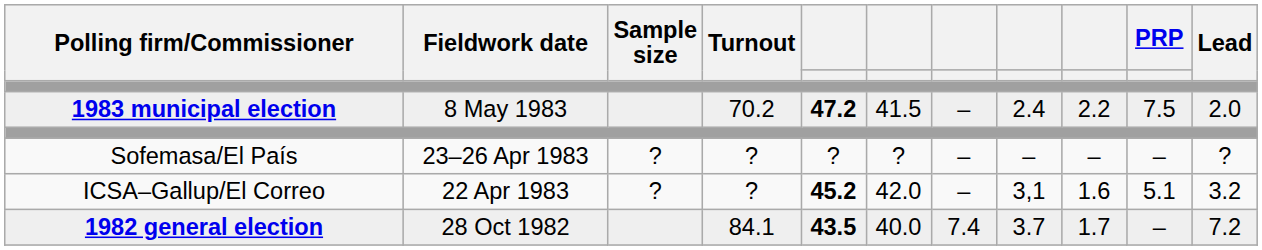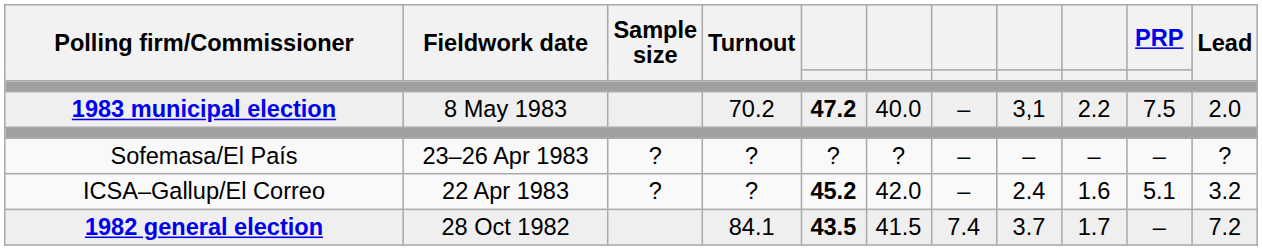 <table class="wikitable collapsible collapsed" style="text-align:center; font-size:95%; line-height:16px;">
 <tr style="height:42px;">
 <th style="width:250px;" rowspan="2">Polling firm/Commissioner</th>
 <th style="width:125px;" rowspan="2">Fieldwork date</th>
 <th style="width:50px;" rowspan="2">Sample size</th>
 <th style="width:45px;" rowspan="2">Turnout</th>
 <th style="width:35px;"></th>
 <th style="width:35px;"></th>
 <th style="width:35px;"></th>
 <th style="width:35px;"></th>
 <th style="width:35px;"></th>
 <th style="width:35px;"><a href='#'>PRP</a></th>
 <th style="width:30px;" rowspan="2">Lead</th>
 </tr>
 <tr>
 <th style="color:inherit;background:"></th>
 <th style="color:inherit;background:"></th>
 <th style="color:inherit;background:"></th>
 <th style="color:inherit;background:"></th>
 <th style="color:inherit;background:"></th>
 <th style="color:inherit;background:"></th>
 </tr>
 <tr>
 <td colspan="11" style="background:#A0A0A0"></td>
 </tr>
 <tr style="background:#EFEFEF;">
 <td><strong><a href='#'>1983 municipal election</a></strong></td>
 <td>8 May 1983</td>
 <td></td>
 <td>70.2</td>
 <td><strong>47.2</strong><br></td>
-<td>41.5<br></td>
+<td>40.0<br></td>
 <td>–</td>
-<td>2.4<br></td>
+<td>3,1</td>
 <td>2.2<br></td>
 <td>7.5<br></td>
 <td style="background:">2.0</td>
 </tr>
 <tr>
 <td colspan="11" style="background:#A0A0A0"></td>
 </tr>
 <tr>
 <td>Sofemasa/El País</td>
 <td>23–26 Apr 1983</td>
 <td>?</td>
 <td>?</td>
 <td>?<br></td>
 <td>?<br></td>
 <td>–</td>
 <td>–</td>
 <td>–</td>
 <td>–</td>
 <td style="background:">?</td>
 </tr>
 <tr>
 <td>ICSA–Gallup/El Correo</td>
 <td>22 Apr 1983</td>
 <td>?</td>
 <td>?</td>
 <td><strong>45.2</strong></td>
 <td>42.0</td>
 <td>–</td>
-<td>3,1</td>
+<td>2.4<br></td>
 <td>1.6<br></td>
 <td>5.1</td>
 <td style="background:">3.2</td>
 </tr>
 <tr style="background:#EFEFEF;">
 <td><strong><a href='#'>1982 general election</a></strong></td>
 <td>28 Oct 1982</td>
 <td></td>
 <td>84.1</td>
 <td><strong>43.5</strong><br></td>
-<td>40.0<br></td>
+<td>41.5<br></td>
 <td>7.4<br></td>
 <td>3.7<br></td>
 <td>1.7</td>
 <td>–</td>
 <td style="background:">7.2</td>
 </tr>
 </table>
